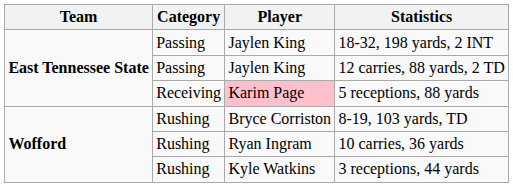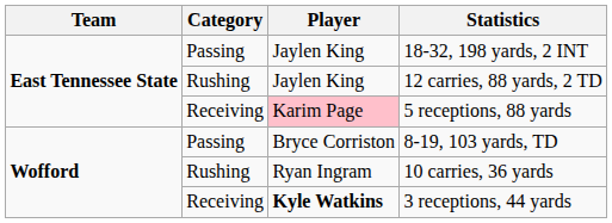 <table class="wikitable" style="float: right;">
 <tr>
 <th>Team</th>
 <th>Category</th>
 <th>Player</th>
 <th>Statistics</th>
 </tr>
 <tr>
 <td rowspan=3><strong>East Tennessee State</strong></td>
 <td>Passing</td>
 <td>Jaylen King</td>
 <td>18-32, 198 yards, 2 INT</td>
 </tr>
 <tr>
-<td>Passing</td>
+<td>Rushing</td>
 <td>Jaylen King</td>
 <td>12 carries, 88 yards, 2 TD</td>
 </tr>
 <tr>
 <td>Receiving</td>
 <td style="background: pink;">Karim Page</td>
 <td>5 receptions, 88 yards</td>
 </tr>
 <tr>
 <td rowspan=3><strong>Wofford</strong></td>
-<td>Rushing</td>
+<td>Passing</td>
 <td>Bryce Corriston</td>
 <td>8-19, 103 yards, TD</td>
 </tr>
 <tr>
 <td>Rushing</td>
 <td>Ryan Ingram</td>
 <td>10 carries, 36 yards</td>
 </tr>
 <tr>
-<td>Rushing</td>
-<td>Kyle Watkins</td>
+<td>Receiving</td>
+<td><strong>Kyle Watkins</strong></td>
 <td>3 receptions, 44 yards</td>
 </tr>
 </table>
